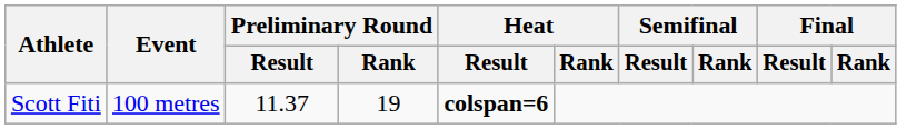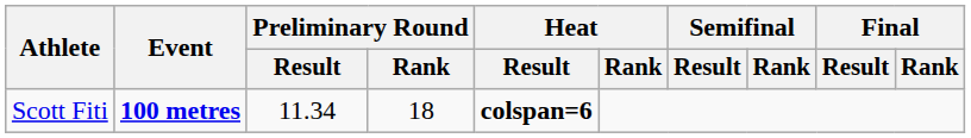 <table class=wikitable style=font-size:90%>
 <tr>
 <th rowspan=2>Athlete</th>
 <th rowspan=2>Event</th>
 <th colspan=2>Preliminary Round</th>
 <th colspan=2>Heat</th>
 <th colspan=2>Semifinal</th>
 <th colspan=2>Final</th>
 </tr>
 <tr style=font-size:95%>
 <th>Result</th>
 <th>Rank</th>
 <th>Result</th>
 <th>Rank</th>
 <th>Result</th>
 <th>Rank</th>
 <th>Result</th>
 <th>Rank</th>
 </tr>
 <tr align=center>
 <td align=left><a href='#'>Scott Fiti</a></td>
-<td align=left><a href='#'>100 metres</a></td>
-<td>11.37</td>
-<td>19</td>
+<td align=left><strong><a href='#'>100 metres</a></strong></td>
+<td>11.34</td>
+<td>18</td>
 <td><strong>colspan=6 </strong></td>
 </tr>
 </table>
